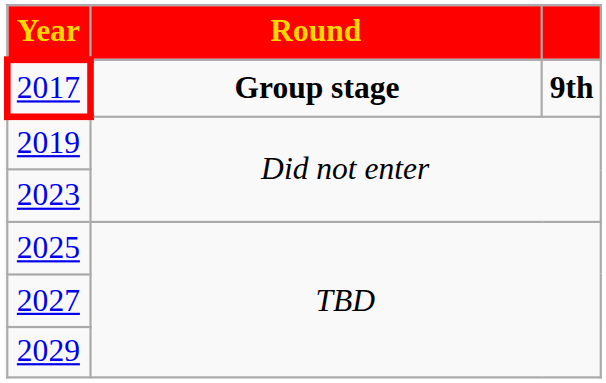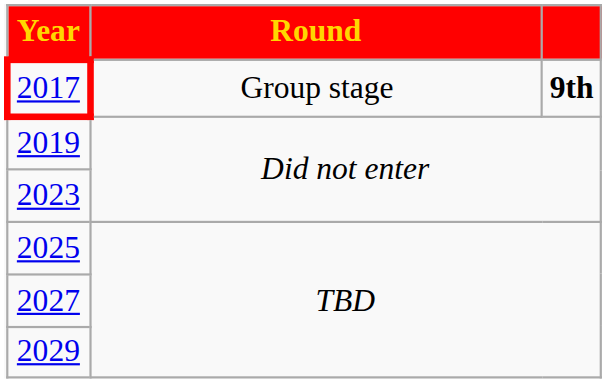 <table class="wikitable" style="text-align: center; font-size:90%">
 <tr style="color:gold;">
 <th style="background:#FF0000;">Year</th>
 <th style="background:#FF0000; width:200px">Round</th>
 <th style="background:#FF0000;"></th>
 </tr>
 <tr>
 <td style="border: 3px solid red"><a href='#'>2017</a></td>
-<td><strong>Group stage</strong></td>
+<td>Group stage</td>
 <td><strong>9th</strong></td>
 </tr>
 <tr>
 <td><a href='#'>2019</a></td>
 <td colspan="2" rowspan="2"><em>Did not enter</em></td>
 </tr>
 <tr>
 <td><a href='#'>2023</a></td>
 </tr>
 <tr>
 <td><a href='#'>2025</a></td>
 <td colspan="2" rowspan="3"><em>TBD</em></td>
 </tr>
 <tr>
 <td><a href='#'>2027</a></td>
 </tr>
 <tr>
 <td><a href='#'>2029</a></td>
 </tr>
 </table>
